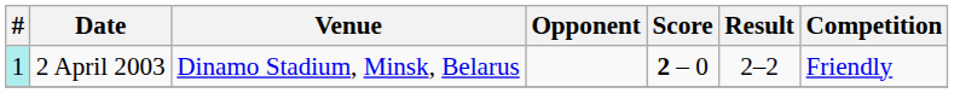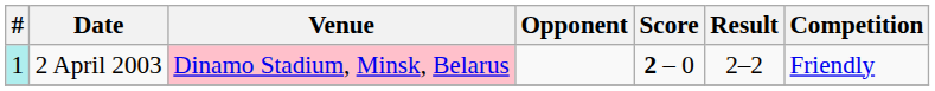 <table class="wikitable" border="1">
 <tr>
 <th>#</th>
 <th>Date</th>
 <th>Venue</th>
 <th>Opponent</th>
 <th>Score</th>
 <th>Result</th>
 <th>Competition</th>
 </tr>
 <tr>
 <td style="background: paleturquoise;">1</td>
 <td>2 April 2003</td>
-<td><a href='#'>Dinamo Stadium</a>, <a href='#'>Minsk</a>, <a href='#'>Belarus</a></td>
+<td style="background: pink;"><a href='#'>Dinamo Stadium</a>, <a href='#'>Minsk</a>, <a href='#'>Belarus</a></td>
 <td></td>
 <td align=center><strong>2</strong> – 0</td>
 <td align=center>2–2</td>
 <td><a href='#'>Friendly</a></td>
 </tr>
 <tr>
 </tr>
 </table>
